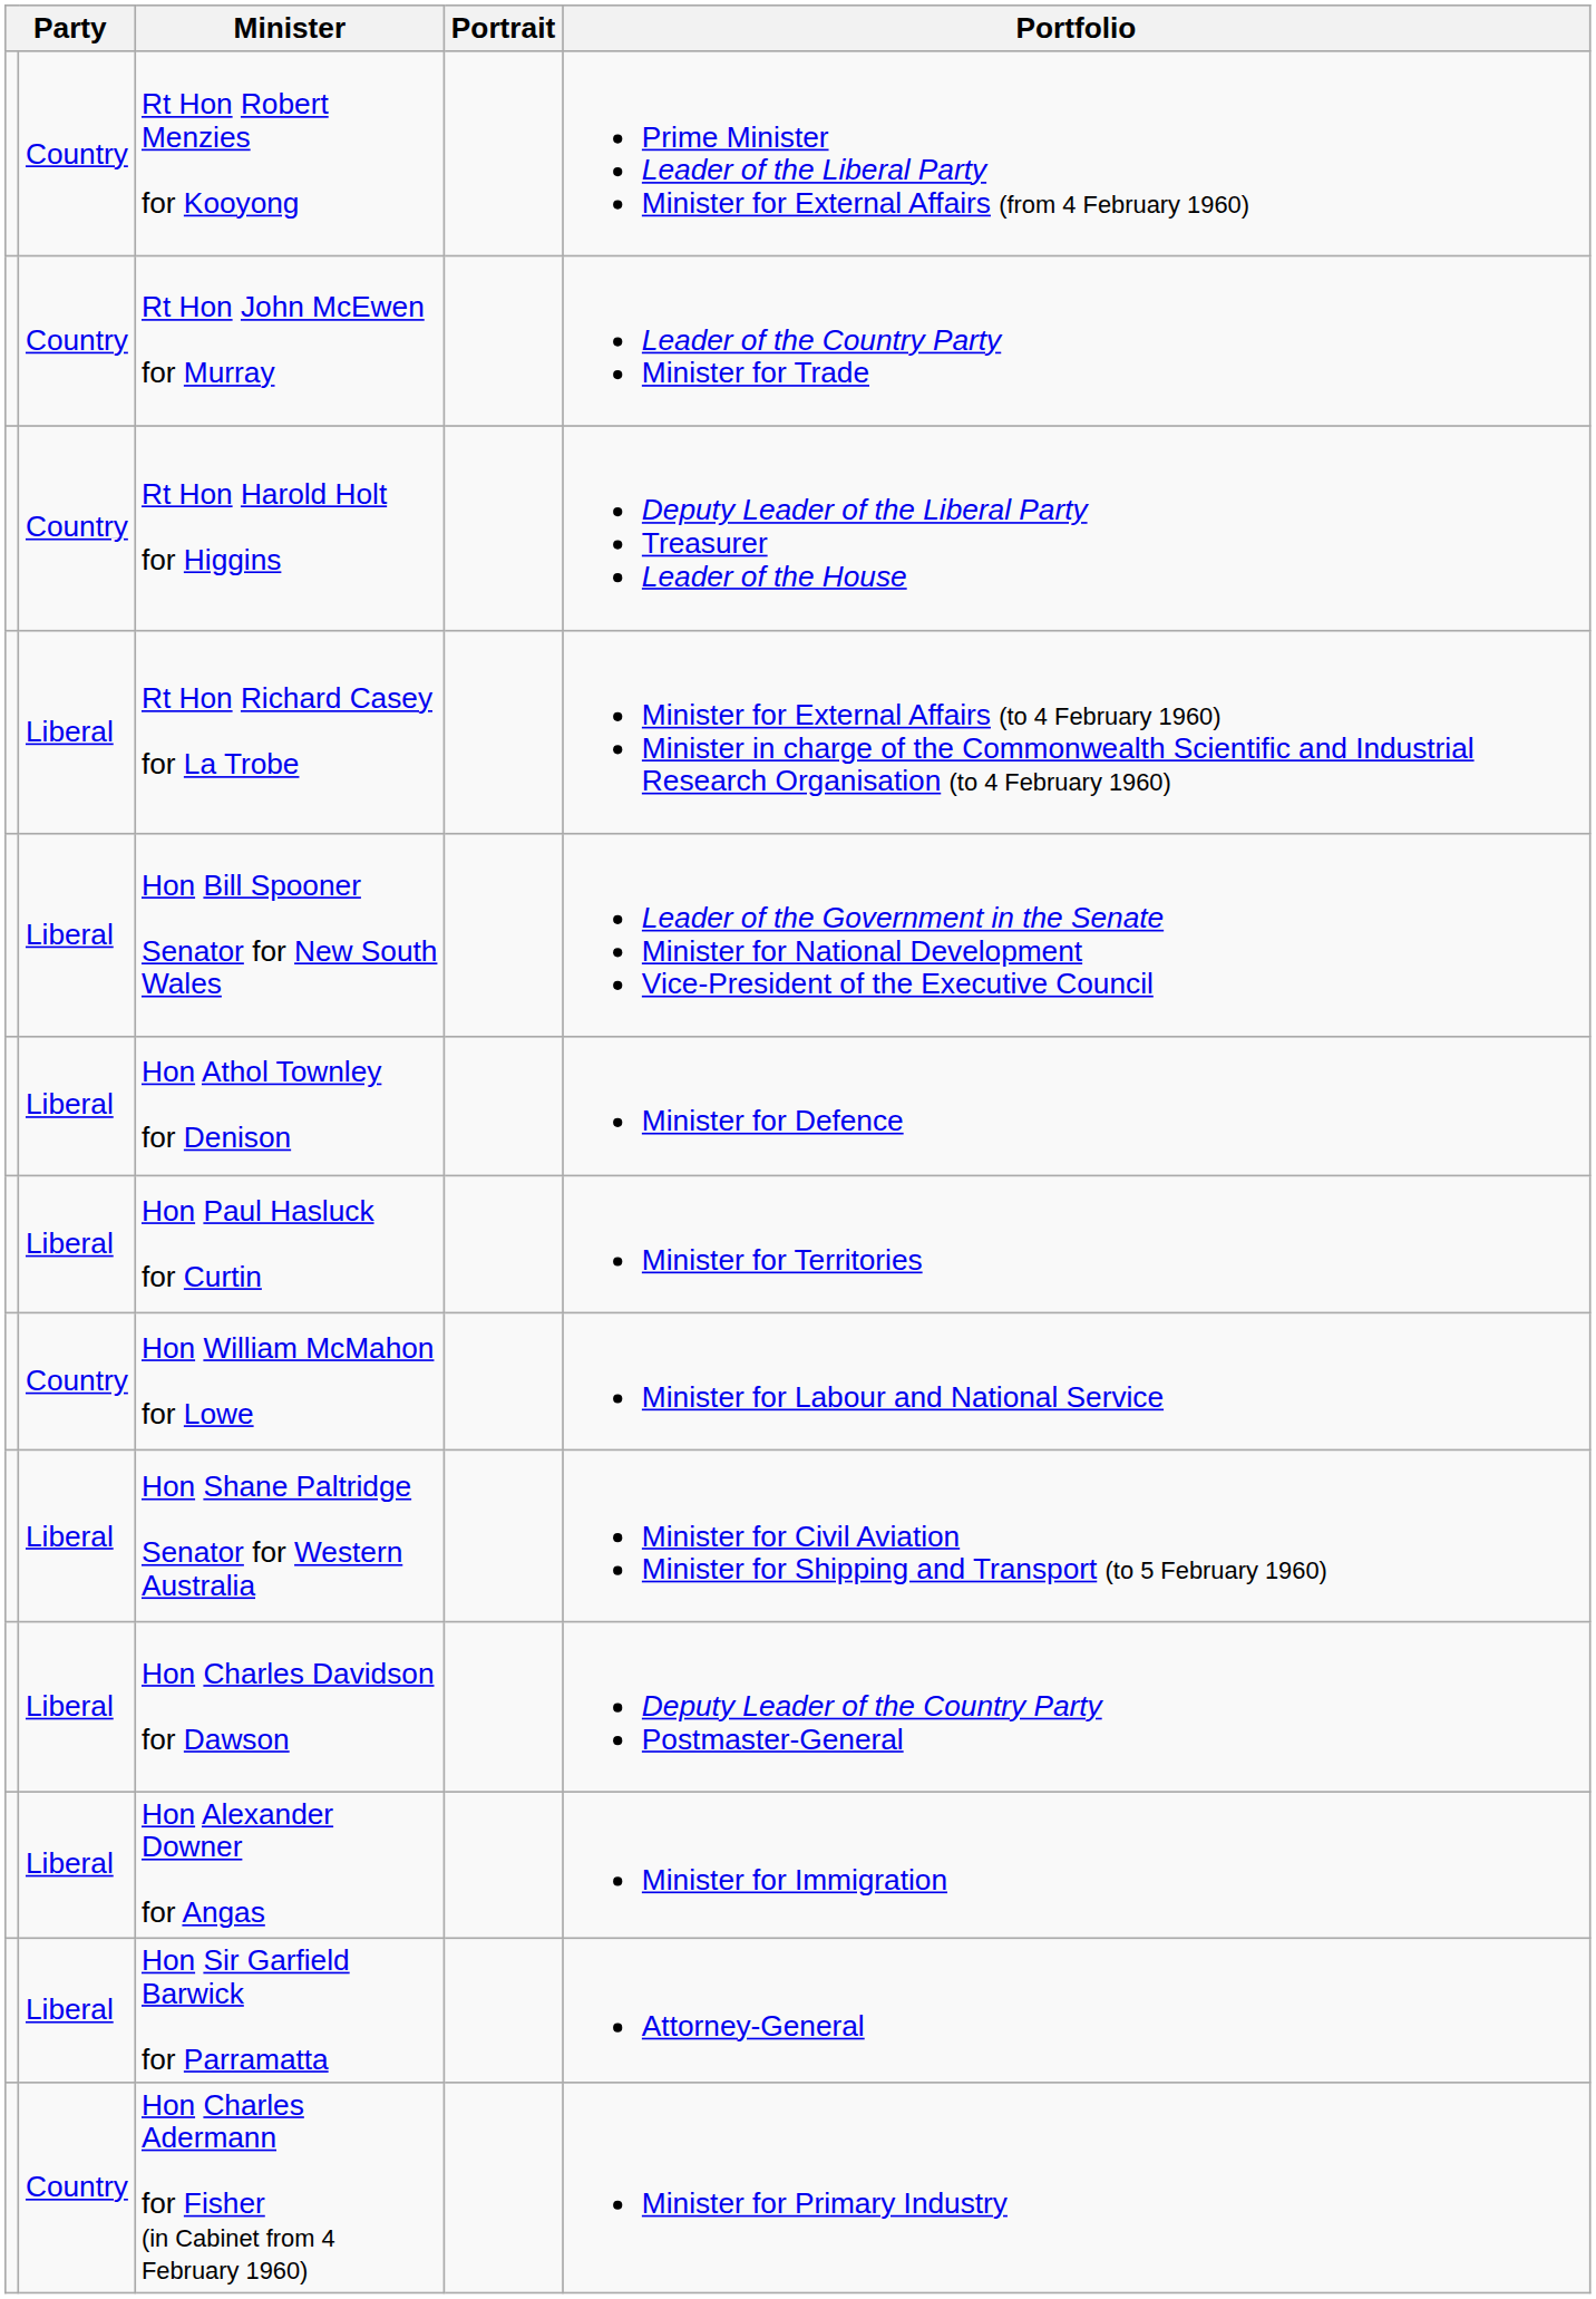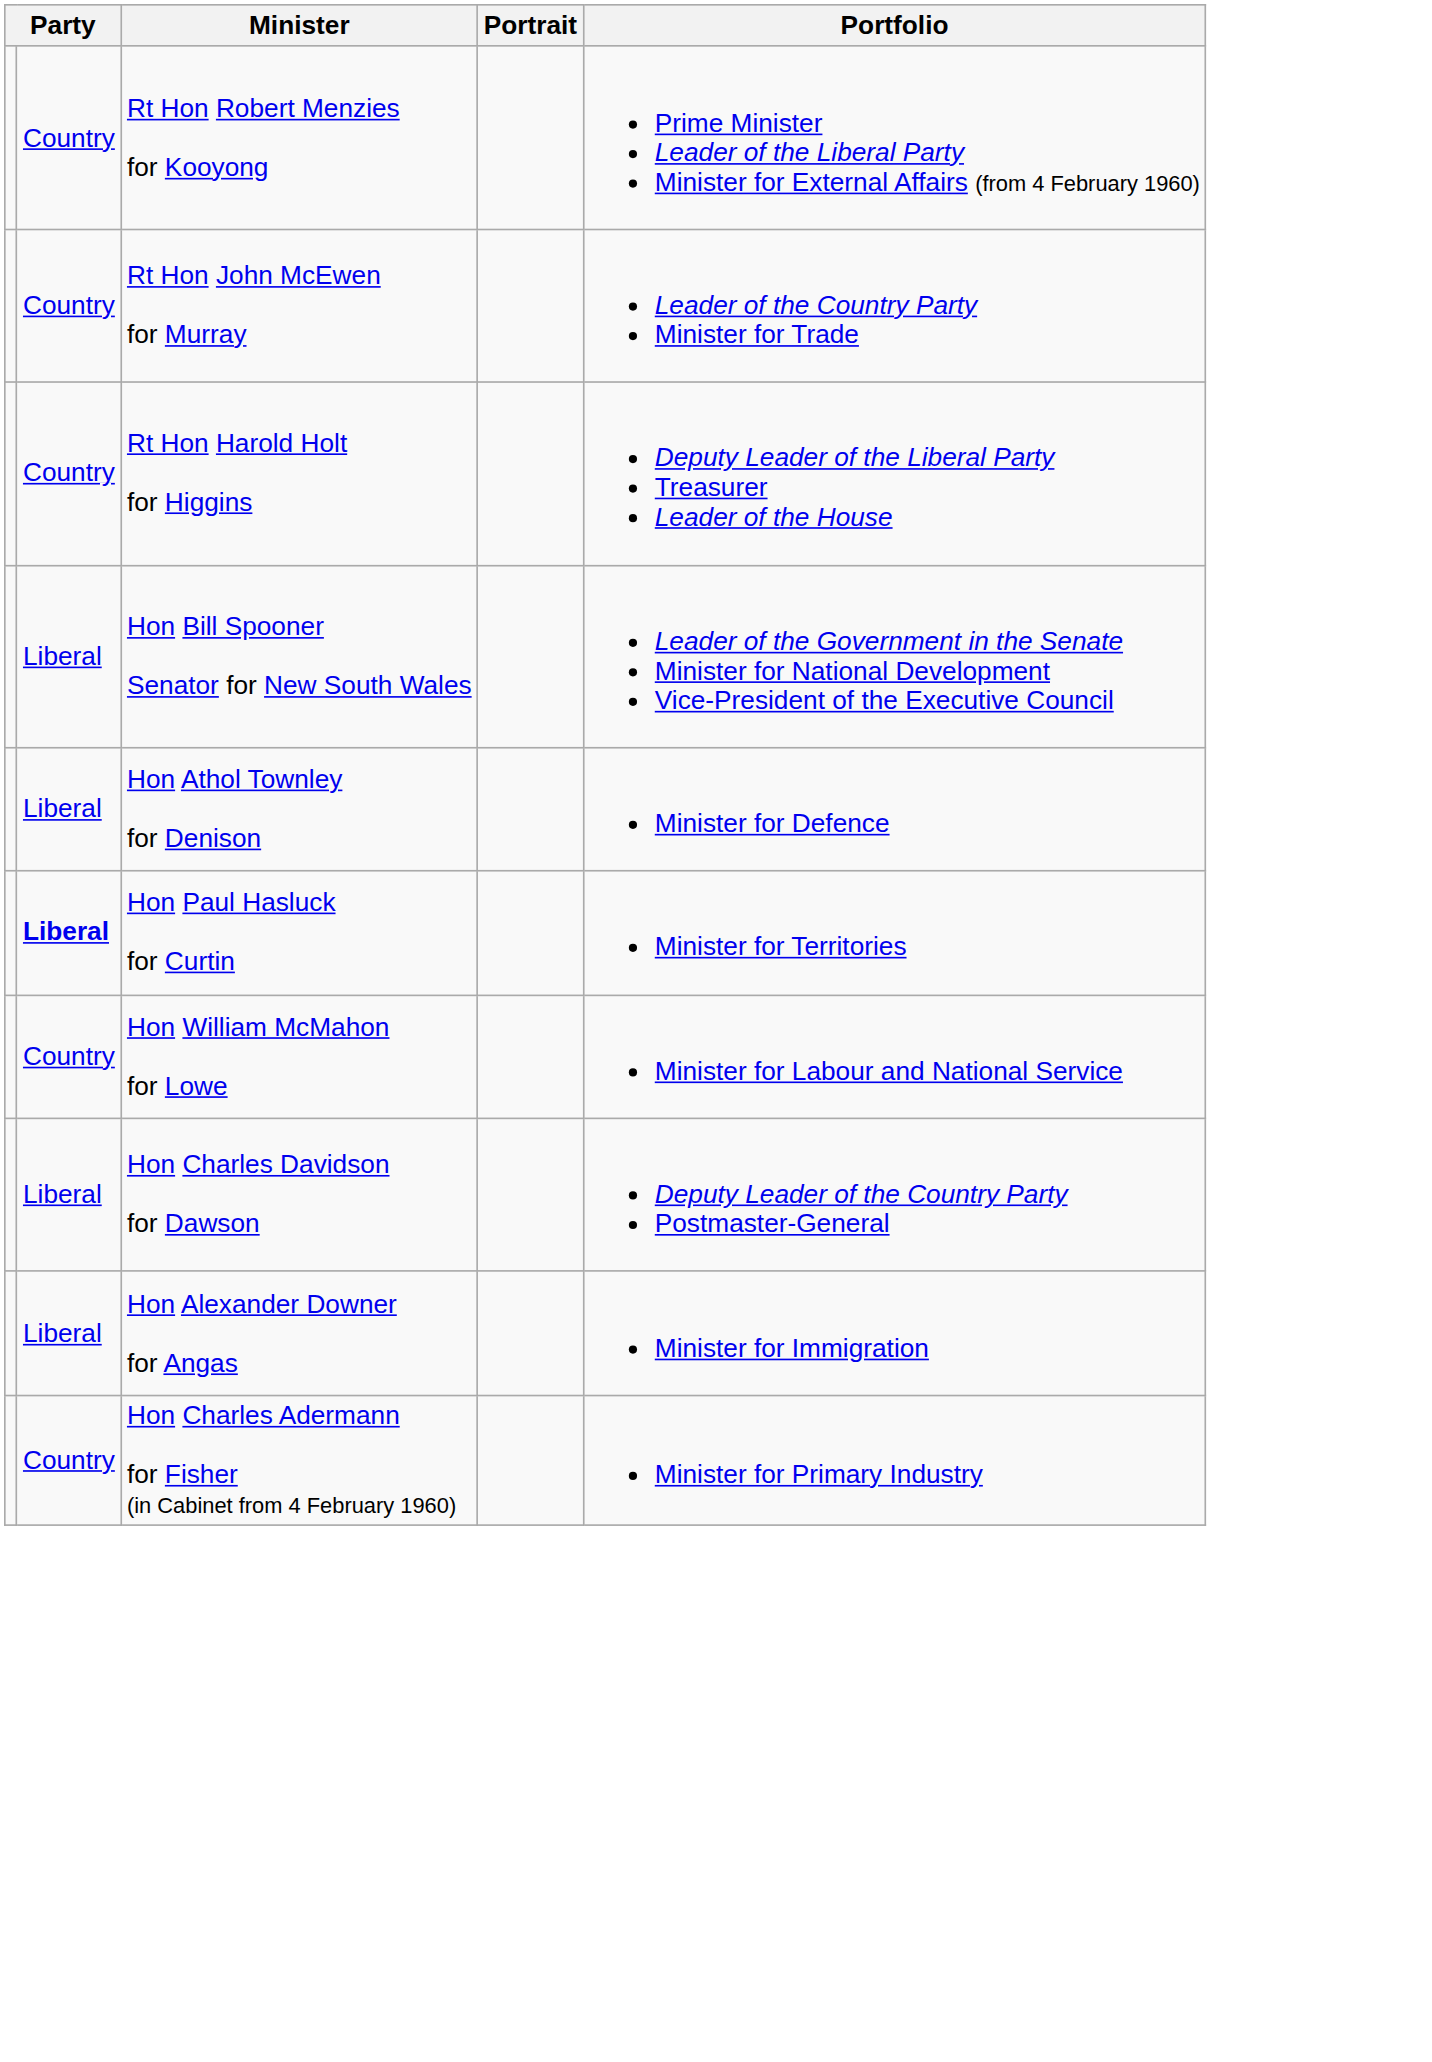 <table class="wikitable sortable">
 <tr>
 <th colspan="2">Party</th>
 <th>Minister</th>
 <th>Portrait</th>
 <th>Portfolio</th>
 </tr>
 <tr>
 <td></td>
 <td><a href='#'>Country</a></td>
 <td><a href='#'>Rt Hon</a> <a href='#'>Robert Menzies</a>    <br><br> for <a href='#'>Kooyong</a> <br></td>
 <td></td>
 <td><br><ul><li><a href='#'>Prime Minister</a></li><li><em><a href='#'>Leader of the Liberal Party</a></em></li><li><a href='#'>Minister for External Affairs</a> <small>(from 4 February 1960)</small></li></ul></td>
 </tr>
 <tr>
 <td></td>
 <td><a href='#'>Country</a></td>
 <td><a href='#'>Rt Hon</a> <a href='#'>John McEwen</a> <br><br> for <a href='#'>Murray</a> <br></td>
 <td></td>
 <td><br><ul><li><em><a href='#'>Leader of the Country Party</a></em></li><li><a href='#'>Minister for Trade</a></li></ul></td>
 </tr>
 <tr>
 <td></td>
 <td><a href='#'>Country</a></td>
 <td><a href='#'>Rt Hon</a> <a href='#'>Harold Holt</a> <br><br> for <a href='#'>Higgins</a> <br></td>
 <td></td>
 <td><br><ul><li><em><a href='#'>Deputy Leader of the Liberal Party</a></em></li><li><a href='#'>Treasurer</a></li><li><em><a href='#'>Leader of the House</a></em></li></ul></td>
 </tr>
 <tr>
 <td></td>
 <td><a href='#'>Liberal</a></td>
-<td><a href='#'>Rt Hon</a> <a href='#'>Richard Casey</a>    <br><br> for <a href='#'>La Trobe</a> <br></td>
-<td></td>
-<td><br><ul><li><a href='#'>Minister for External Affairs</a> <small>(to 4 February 1960)</small></li><li><a href='#'>Minister in charge of the Commonwealth Scientific and Industrial Research Organisation</a> <small>(to 4 February 1960)</small></li></ul></td>
-</tr>
-<tr>
-<td></td>
-<td><a href='#'>Liberal</a></td>
 <td><a href='#'>Hon</a> <a href='#'>Bill Spooner</a>  <br><br><a href='#'>Senator</a> for <a href='#'>New South Wales</a> <br></td>
 <td></td>
 <td><br><ul><li><em><a href='#'>Leader of the Government in the Senate</a></em></li><li><a href='#'>Minister for National Development</a></li><li><a href='#'>Vice-President of the Executive Council</a></li></ul></td>
 </tr>
 <tr>
 <td></td>
 <td><a href='#'>Liberal</a></td>
 <td><a href='#'>Hon</a> <a href='#'>Athol Townley</a> <br><br> for <a href='#'>Denison</a> <br></td>
 <td></td>
 <td><br><ul><li><a href='#'>Minister for Defence</a></li></ul></td>
 </tr>
 <tr>
 <td></td>
-<td><a href='#'>Liberal</a></td>
+<td><strong><a href='#'>Liberal</a></strong></td>
 <td><a href='#'>Hon</a> <a href='#'>Paul Hasluck</a> <br><br> for <a href='#'>Curtin</a> <br></td>
 <td></td>
 <td><br><ul><li><a href='#'>Minister for Territories</a></li></ul></td>
 </tr>
 <tr>
 <td></td>
 <td><a href='#'>Country</a></td>
 <td><a href='#'>Hon</a> <a href='#'>William McMahon</a> <br><br> for <a href='#'>Lowe</a> <br></td>
 <td></td>
 <td><br><ul><li><a href='#'>Minister for Labour and National Service</a></li></ul></td>
-</tr>
-<tr>
-<td></td>
-<td><a href='#'>Liberal</a></td>
-<td><a href='#'>Hon</a> <a href='#'>Shane Paltridge</a> <br><br><a href='#'>Senator</a> for <a href='#'>Western Australia</a> <br></td>
-<td></td>
-<td><br><ul><li><a href='#'>Minister for Civil Aviation</a></li><li><a href='#'>Minister for Shipping and Transport</a> <small>(to 5 February 1960)</small></li></ul></td>
 </tr>
 <tr>
 <td></td>
 <td><a href='#'>Liberal</a></td>
 <td><a href='#'>Hon</a> <a href='#'>Charles Davidson</a>  <br><br> for <a href='#'>Dawson</a> <br></td>
 <td></td>
 <td><br><ul><li><em><a href='#'>Deputy Leader of the Country Party</a></em></li><li><a href='#'>Postmaster-General</a></li></ul></td>
 </tr>
 <tr>
 <td></td>
 <td><a href='#'>Liberal</a></td>
 <td><a href='#'>Hon</a> <a href='#'>Alexander Downer</a> <br><br> for <a href='#'>Angas</a> <br></td>
 <td></td>
 <td><br><ul><li><a href='#'>Minister for Immigration</a></li></ul></td>
 </tr>
 <tr>
 <td></td>
-<td><a href='#'>Liberal</a></td>
-<td><a href='#'>Hon</a> <a href='#'>Sir Garfield Barwick</a>  <br><br> for <a href='#'>Parramatta</a> <br></td>
-<td></td>
-<td><br><ul><li><a href='#'>Attorney-General</a></li></ul></td>
-</tr>
-<tr>
-<td></td>
 <td><a href='#'>Country</a></td>
 <td><a href='#'>Hon</a> <a href='#'>Charles Adermann</a> <br><br> for <a href='#'>Fisher</a> <br> <small>(in Cabinet from 4 February 1960)</small></td>
 <td></td>
 <td><br><ul><li><a href='#'>Minister for Primary Industry</a></li></ul></td>
 </tr>
 </table>
